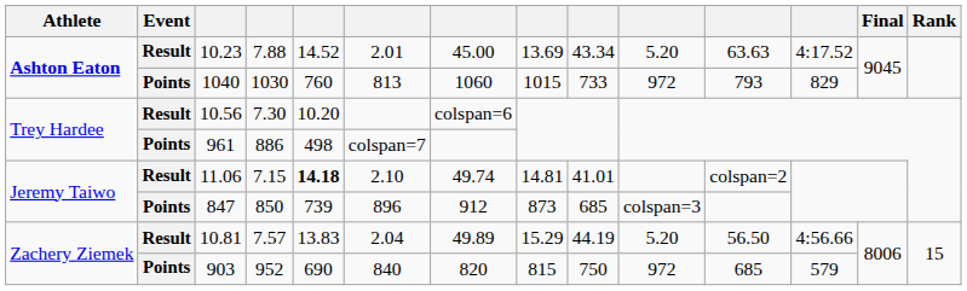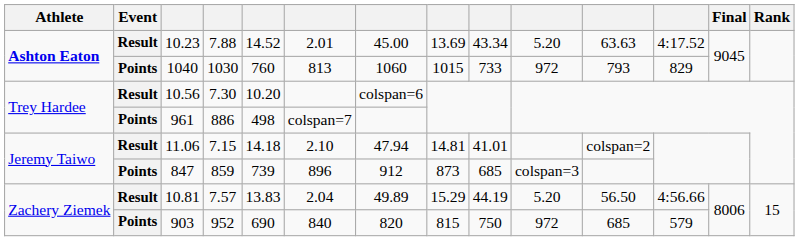 <table class="wikitable" style="font-size:90%">
 <tr>
 <th>Athlete</th>
 <th>Event</th>
 <th></th>
 <th></th>
 <th></th>
 <th></th>
 <th></th>
 <th></th>
 <th></th>
 <th></th>
 <th></th>
 <th></th>
 <th>Final</th>
 <th>Rank</th>
 </tr>
 <tr style=text-align:center>
 <td rowspan=2 style=text-align:left><strong><a href='#'>Ashton Eaton</a></strong></td>
 <th style="font-size:95%">Result</th>
 <td>10.23 <strong></strong></td>
 <td>7.88</td>
 <td>14.52</td>
 <td>2.01</td>
 <td>45.00  <strong></strong></td>
 <td>13.69</td>
 <td>43.34</td>
 <td>5.20</td>
 <td>63.63 <strong></strong></td>
 <td>4:17.52 <strong></strong></td>
 <td rowspan=2>9045 <strong></strong></td>
 <td rowspan=2></td>
 </tr>
 <tr style=text-align:center>
 <th style="font-size:95%">Points</th>
 <td>1040</td>
 <td>1030</td>
 <td>760</td>
 <td>813</td>
 <td>1060</td>
 <td>1015</td>
 <td>733</td>
 <td>972</td>
 <td>793</td>
 <td>829</td>
 </tr>
 <tr style=text-align:center>
 <td rowspan=2 style=text-align:left><a href='#'>Trey Hardee</a></td>
 <th style="font-size:95%">Result</th>
 <td>10.56</td>
 <td>7.30</td>
 <td>10.20</td>
 <td></td>
 <td>colspan=6 </td>
 <td rowspan=2 colspan=2></td>
 </tr>
 <tr style=text-align:center>
 <th style="font-size:95%">Points</th>
 <td>961</td>
 <td>886</td>
 <td>498</td>
 <td>colspan=7 </td>
 </tr>
 <tr style=text-align:center>
 <td rowspan=2 style=text-align:left><a href='#'>Jeremy Taiwo</a></td>
 <th style="font-size:95%">Result</th>
 <td>11.06</td>
 <td>7.15</td>
-<td><strong>14.18</strong></td>
+<td>14.18</td>
 <td>2.10</td>
-<td>49.74</td>
+<td>47.94</td>
 <td>14.81</td>
 <td>41.01</td>
 <td></td>
 <td>colspan=2 </td>
 <td rowspan=2 colspan=2></td>
 </tr>
 <tr style=text-align:center>
 <th style="font-size:95%">Points</th>
 <td>847</td>
-<td>850</td>
+<td>859</td>
 <td>739</td>
 <td>896</td>
 <td>912</td>
 <td>873</td>
 <td>685</td>
 <td>colspan=3 </td>
 </tr>
 <tr style=text-align:center>
 <td rowspan=2 style=text-align:left><a href='#'>Zachery Ziemek</a></td>
 <th style="font-size:95%">Result</th>
 <td>10.81</td>
 <td>7.57 <strong></strong></td>
 <td>13.83</td>
 <td>2.04</td>
 <td>49.89 <strong></strong></td>
 <td>15.29</td>
 <td>44.19</td>
 <td>5.20</td>
 <td>56.50 <strong></strong></td>
 <td>4:56.66 <strong></strong></td>
 <td rowspan=2>8006</td>
 <td rowspan=2>15</td>
 </tr>
 <tr style=text-align:center>
 <th style="font-size:95%">Points</th>
 <td>903</td>
 <td>952</td>
 <td>690</td>
 <td>840</td>
 <td>820</td>
 <td>815</td>
 <td>750</td>
 <td>972</td>
 <td>685</td>
 <td>579</td>
 </tr>
 </table>
